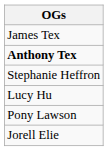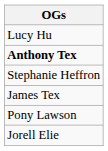 <table class="wikitable" style="display: inline-table;">
 <tr>
 <th>OGs</th>
 </tr>
 <tr>
-<td>James Tex</td>
+<td>Lucy Hu</td>
 </tr>
 <tr>
 <td><strong>Anthony Tex</strong></td>
 </tr>
 <tr>
 <td>Stephanie Heffron</td>
 </tr>
 <tr>
-<td>Lucy Hu</td>
+<td>James Tex</td>
 </tr>
 <tr>
 <td>Pony Lawson</td>
 </tr>
 <tr>
 <td>Jorell Elie</td>
 </tr>
 </table>
